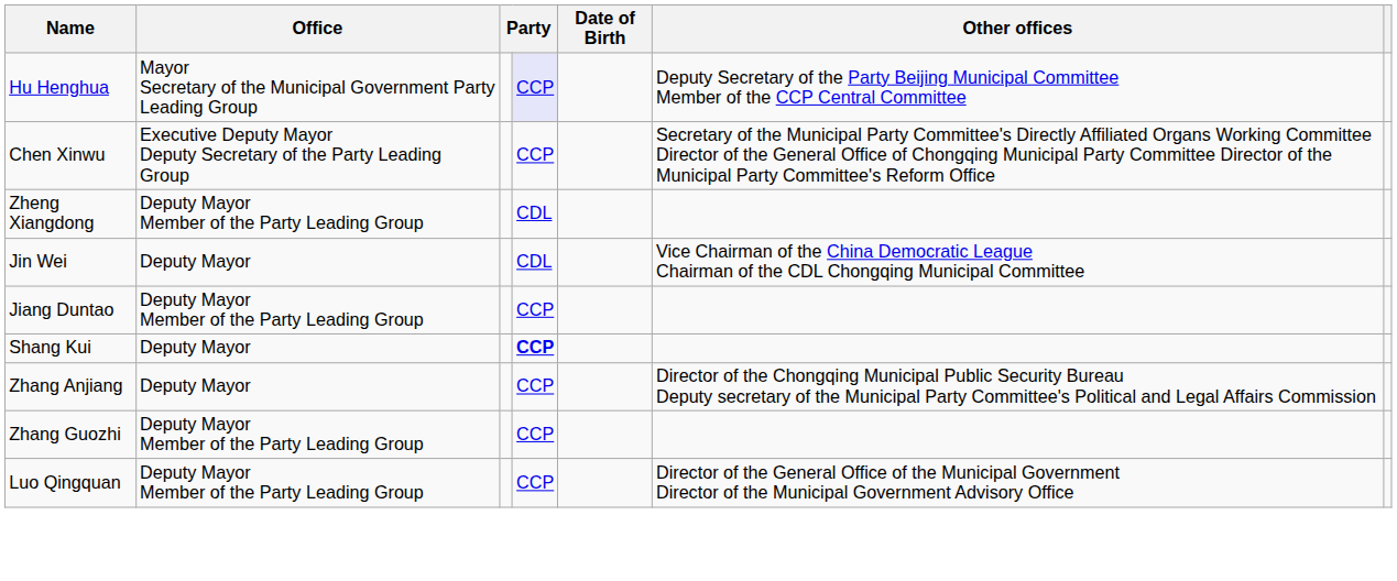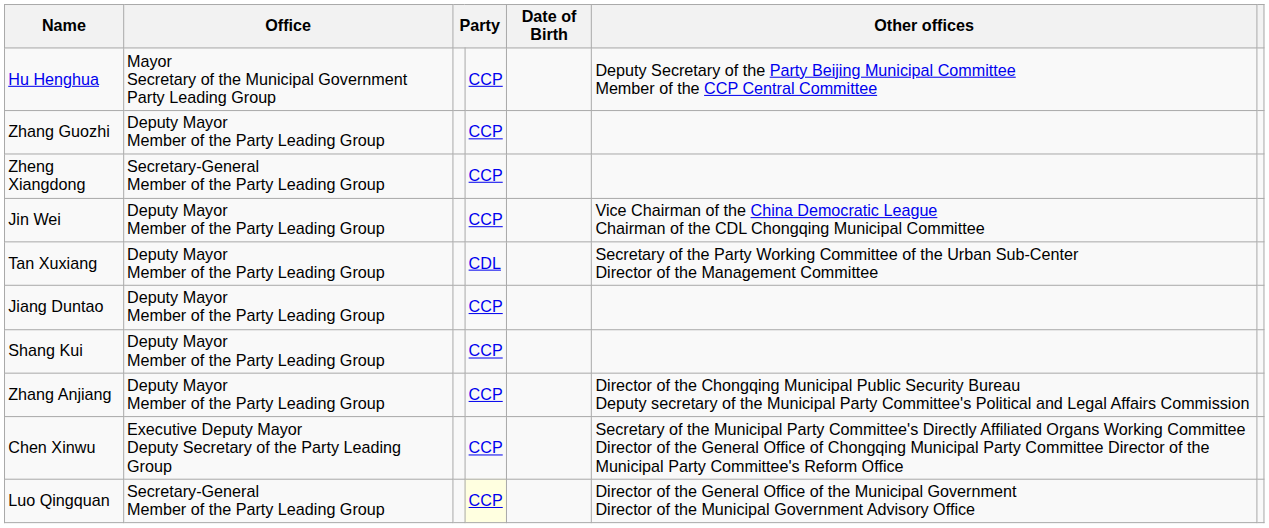 <table class="wikitable">
 <tr>
 <th>Name</th>
 <th>Office</th>
 <th colspan="2">Party</th>
 <th>Date of Birth</th>
 <th>Other offices</th>
 <th></th>
 </tr>
 <tr>
 <td><a href='#'>Hu Henghua</a></td>
 <td>Mayor<br>Secretary of the Municipal Government Party Leading Group</td>
 <td style="background:"> </td>
-<td style="background: lavender;"><a href='#'>CCP</a></td>
+<td><a href='#'>CCP</a></td>
 <td></td>
 <td>Deputy Secretary of the <a href='#'>Party Beijing Municipal Committee</a><br>Member of the <a href='#'>CCP Central Committee</a></td>
 <td></td>
 </tr>
 <tr>
-<td>Chen Xinwu</td>
-<td>Executive Deputy Mayor<br>Deputy Secretary of the Party Leading Group</td>
+<td>Zhang Guozhi</td>
+<td>Deputy Mayor<br>Member of the Party Leading Group</td>
 <td style="background:"> </td>
 <td><a href='#'>CCP</a></td>
 <td></td>
-<td>Secretary of the Municipal Party Committee's Directly Affiliated Organs Working Committee<br>Director of the General Office of Chongqing Municipal Party Committee Director of the Municipal Party Committee's Reform Office</td>
+<td></td>
 <td></td>
 </tr>
 <tr>
 <td>Zheng Xiangdong</td>
-<td>Deputy Mayor<br>Member of the Party Leading Group</td>
+<td>Secretary-General<br>Member of the Party Leading Group</td>
 <td style="background:"> </td>
-<td><a href='#'>CDL</a></td>
+<td><a href='#'>CCP</a></td>
 <td></td>
 <td></td>
 <td></td>
 </tr>
 <tr>
 <td>Jin Wei</td>
-<td>Deputy Mayor</td>
+<td>Deputy Mayor<br>Member of the Party Leading Group</td>
+<td style="background:"> </td>
+<td><a href='#'>CCP</a></td>
+<td></td>
+<td>Vice Chairman of the <a href='#'>China Democratic League</a><br>Chairman of the CDL Chongqing Municipal Committee</td>
+<td></td>
+</tr>
+<tr>
+<td>Tan Xuxiang</td>
+<td>Deputy Mayor<br>Member of the Party Leading Group</td>
 <td style="background:"> </td>
 <td><a href='#'>CDL</a></td>
 <td></td>
-<td>Vice Chairman of the <a href='#'>China Democratic League</a><br>Chairman of the CDL Chongqing Municipal Committee</td>
+<td>Secretary of the Party Working Committee of the Urban Sub-Center<br>Director of the Management Committee</td>
 <td></td>
 </tr>
 <tr>
 <td>Jiang Duntao</td>
 <td>Deputy Mayor<br>Member of the Party Leading Group</td>
 <td style="background:"> </td>
 <td><a href='#'>CCP</a></td>
 <td></td>
 <td></td>
 <td></td>
 </tr>
 <tr>
 <td>Shang Kui</td>
-<td>Deputy Mayor</td>
-<td style="background:"> </td>
-<td><strong><a href='#'>CCP</a></strong></td>
-<td></td>
-<td></td>
-<td></td>
-</tr>
-<tr>
-<td>Zhang Anjiang</td>
-<td>Deputy Mayor</td>
-<td style="background:"> </td>
-<td><a href='#'>CCP</a></td>
-<td></td>
-<td>Director of the Chongqing Municipal Public Security Bureau<br>Deputy secretary of the Municipal Party Committee's Political and Legal Affairs Commission</td>
-<td></td>
-</tr>
-<tr>
-<td>Zhang Guozhi</td>
 <td>Deputy Mayor<br>Member of the Party Leading Group</td>
 <td style="background:"> </td>
 <td><a href='#'>CCP</a></td>
 <td></td>
 <td></td>
 <td></td>
 </tr>
 <tr>
-<td>Luo Qingquan</td>
+<td>Zhang Anjiang</td>
 <td>Deputy Mayor<br>Member of the Party Leading Group</td>
 <td style="background:"> </td>
 <td><a href='#'>CCP</a></td>
+<td></td>
+<td>Director of the Chongqing Municipal Public Security Bureau<br>Deputy secretary of the Municipal Party Committee's Political and Legal Affairs Commission</td>
+<td></td>
+</tr>
+<tr>
+<td>Chen Xinwu</td>
+<td>Executive Deputy Mayor<br>Deputy Secretary of the Party Leading Group</td>
+<td style="background:"> </td>
+<td><a href='#'>CCP</a></td>
+<td></td>
+<td>Secretary of the Municipal Party Committee's Directly Affiliated Organs Working Committee<br>Director of the General Office of Chongqing Municipal Party Committee Director of the Municipal Party Committee's Reform Office</td>
+<td></td>
+</tr>
+<tr>
+<td>Luo Qingquan</td>
+<td>Secretary-General<br>Member of the Party Leading Group</td>
+<td style="background:"> </td>
+<td style="background: lightyellow;"><a href='#'>CCP</a></td>
 <td></td>
 <td>Director of the General Office of the Municipal Government<br>Director of the Municipal Government Advisory Office</td>
 <td></td>
 </tr>
 </table>
